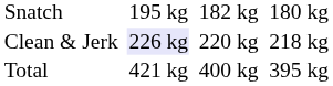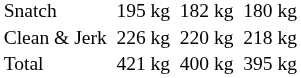 <table>
 <tr>
 <td>Snatch</td>
 <td></td>
 <td>195 kg</td>
 <td></td>
 <td>182 kg</td>
 <td></td>
 <td>180 kg</td>
 </tr>
 <tr>
 <td>Clean & Jerk</td>
 <td></td>
-<td style="background: lavender;">226 kg</td>
+<td>226 kg</td>
 <td></td>
 <td>220 kg</td>
 <td></td>
 <td>218 kg</td>
 </tr>
 <tr>
 <td>Total</td>
 <td></td>
 <td>421 kg</td>
 <td></td>
 <td>400 kg</td>
 <td></td>
 <td>395 kg</td>
 </tr>
 </table>
